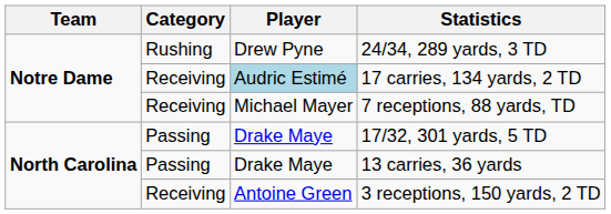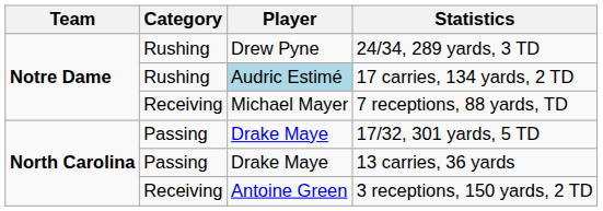 <table class="wikitable" style="float: right;">
 <tr>
 <th>Team</th>
 <th>Category</th>
 <th>Player</th>
 <th>Statistics</th>
 </tr>
 <tr>
 <td rowspan=3><strong>Notre Dame</strong></td>
 <td>Rushing</td>
 <td>Drew Pyne</td>
 <td>24/34, 289 yards, 3 TD</td>
 </tr>
 <tr>
-<td>Receiving</td>
+<td>Rushing</td>
 <td style="background: lightblue;">Audric Estimé</td>
 <td>17 carries, 134 yards, 2 TD</td>
 </tr>
 <tr>
 <td>Receiving</td>
 <td>Michael Mayer</td>
 <td>7 receptions, 88 yards, TD</td>
 </tr>
 <tr>
 <td rowspan=3><strong>North Carolina</strong></td>
 <td>Passing</td>
 <td><a href='#'>Drake Maye</a></td>
 <td>17/32, 301 yards, 5 TD</td>
 </tr>
 <tr>
 <td>Passing</td>
 <td>Drake Maye</td>
 <td>13 carries, 36 yards</td>
 </tr>
 <tr>
 <td>Receiving</td>
 <td><a href='#'>Antoine Green</a></td>
 <td>3 receptions, 150 yards, 2 TD</td>
 </tr>
 </table>
